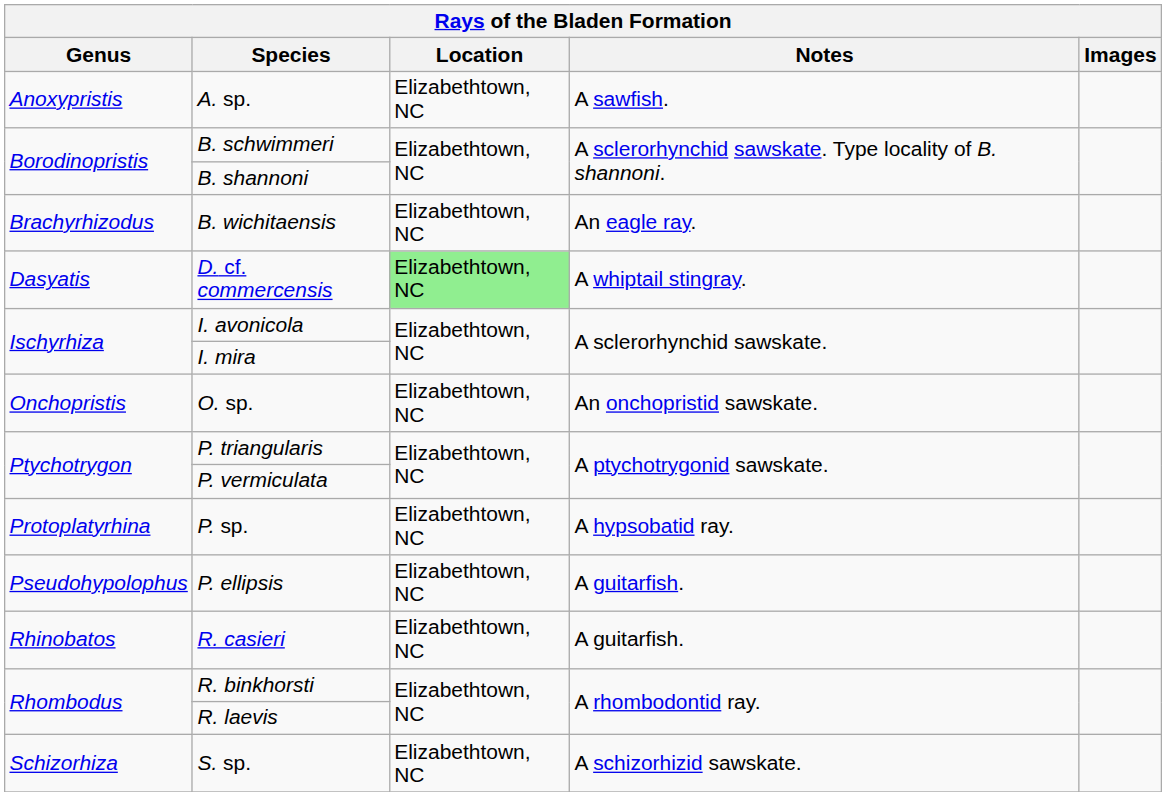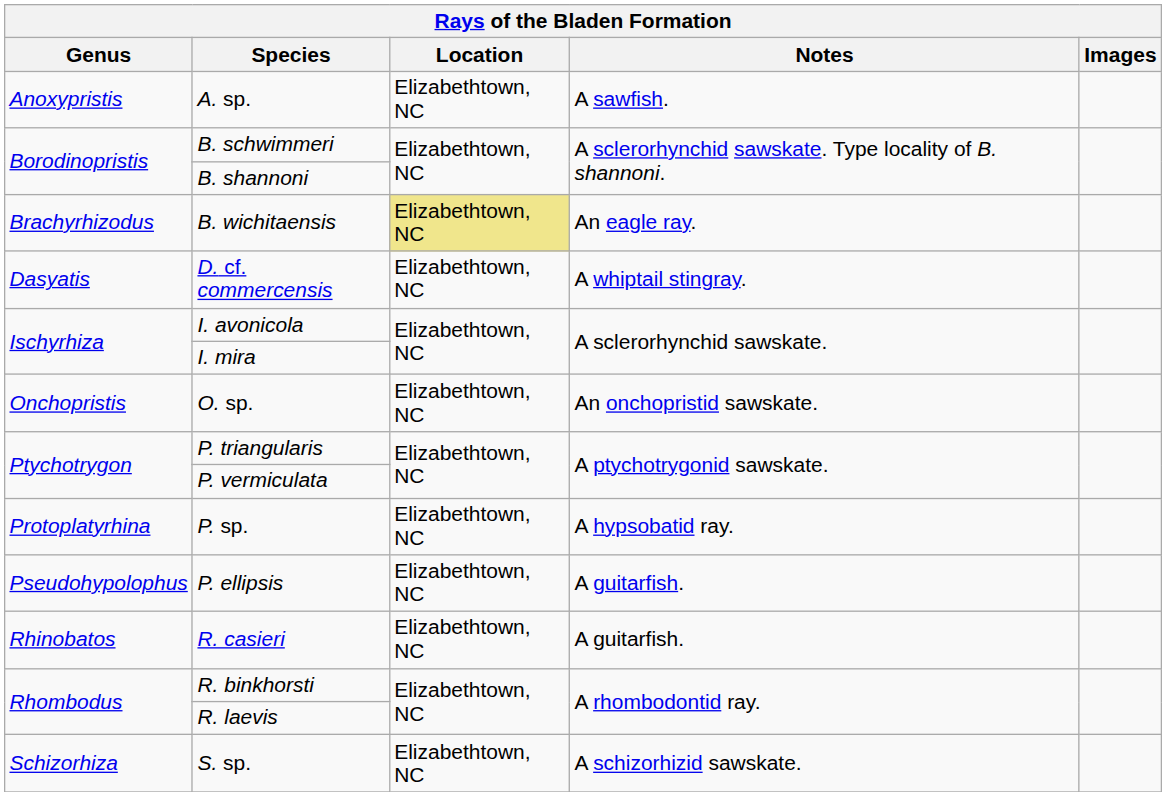 <table class="wikitable" width="100%" align="center">
 <tr>
 <th colspan="6" align="center"><strong><a href='#'>Rays</a> of the Bladen Formation</strong></th>
 </tr>
 <tr>
 <th>Genus</th>
 <th>Species</th>
 <th>Location</th>
 <th>Notes</th>
 <th>Images</th>
 </tr>
 <tr>
 <td><em><a href='#'>Anoxypristis</a></em></td>
 <td><em>A.</em> sp.</td>
 <td>Elizabethtown, NC</td>
 <td>A <a href='#'>sawfish</a>.</td>
 <td></td>
 </tr>
 <tr>
 <td rowspan="2"><em><a href='#'>Borodinopristis</a></em></td>
 <td><em>B. schwimmeri</em></td>
 <td rowspan="2">Elizabethtown, NC</td>
 <td rowspan="2">A <a href='#'>sclerorhynchid</a> <a href='#'>sawskate</a>. Type locality of <em>B. shannoni</em>.</td>
 <td rowspan="2"></td>
 </tr>
 <tr>
 <td><em>B. shannoni</em></td>
 </tr>
 <tr>
 <td><em><a href='#'>Brachyrhizodus</a></em></td>
 <td><em>B. wichitaensis</em></td>
-<td>Elizabethtown, NC</td>
+<td style="background: khaki;">Elizabethtown, NC</td>
 <td>An <a href='#'>eagle ray</a>.</td>
 <td></td>
 </tr>
 <tr>
 <td><em><a href='#'>Dasyatis</a></em></td>
 <td><a href='#'><em>D.</em> cf. <em>commercensis</em></a></td>
-<td style="background: lightgreen;">Elizabethtown, NC</td>
+<td>Elizabethtown, NC</td>
 <td>A <a href='#'>whiptail stingray</a>.</td>
 <td></td>
 </tr>
 <tr>
 <td rowspan="2"><em><a href='#'>Ischyrhiza</a></em></td>
 <td><em>I. avonicola</em></td>
 <td rowspan="2">Elizabethtown, NC</td>
 <td rowspan="2">A sclerorhynchid sawskate.</td>
 <td rowspan="2"></td>
 </tr>
 <tr>
 <td><em>I. mira</em></td>
 </tr>
 <tr>
 <td><em><a href='#'>Onchopristis</a></em></td>
 <td><em>O.</em> sp.</td>
 <td>Elizabethtown, NC</td>
 <td>An <a href='#'>onchopristid</a> sawskate.</td>
 <td></td>
 </tr>
 <tr>
 <td rowspan="2"><em><a href='#'>Ptychotrygon</a></em></td>
 <td><em>P. triangularis</em></td>
 <td rowspan="2">Elizabethtown, NC</td>
 <td rowspan="2">A <a href='#'>ptychotrygonid</a> sawskate.</td>
 <td rowspan="2"></td>
 </tr>
 <tr>
 <td><em>P. vermiculata</em></td>
 </tr>
 <tr>
 <td><em><a href='#'>Protoplatyrhina</a></em></td>
 <td><em>P.</em> sp.</td>
 <td>Elizabethtown, NC</td>
 <td>A <a href='#'>hypsobatid</a> ray.</td>
 <td></td>
 </tr>
 <tr>
 <td><em><a href='#'>Pseudohypolophus</a></em></td>
 <td><em>P. ellipsis</em></td>
 <td>Elizabethtown, NC</td>
 <td>A <a href='#'>guitarfish</a>.</td>
 <td></td>
 </tr>
 <tr>
 <td><em><a href='#'>Rhinobatos</a></em></td>
 <td><em><a href='#'>R. casieri</a></em></td>
 <td>Elizabethtown, NC</td>
 <td>A guitarfish.</td>
 <td></td>
 </tr>
 <tr>
 <td rowspan="2"><em><a href='#'>Rhombodus</a></em></td>
 <td><em>R. binkhorsti</em></td>
 <td rowspan="2">Elizabethtown, NC</td>
 <td rowspan="2">A <a href='#'>rhombodontid</a> ray.</td>
 <td rowspan="2"></td>
 </tr>
 <tr>
 <td><em>R. laevis</em></td>
 </tr>
 <tr>
 <td><em><a href='#'>Schizorhiza</a></em></td>
 <td><em>S.</em> sp.</td>
 <td>Elizabethtown, NC</td>
 <td>A <a href='#'>schizorhizid</a> sawskate.</td>
 <td></td>
 </tr>
 </table>
